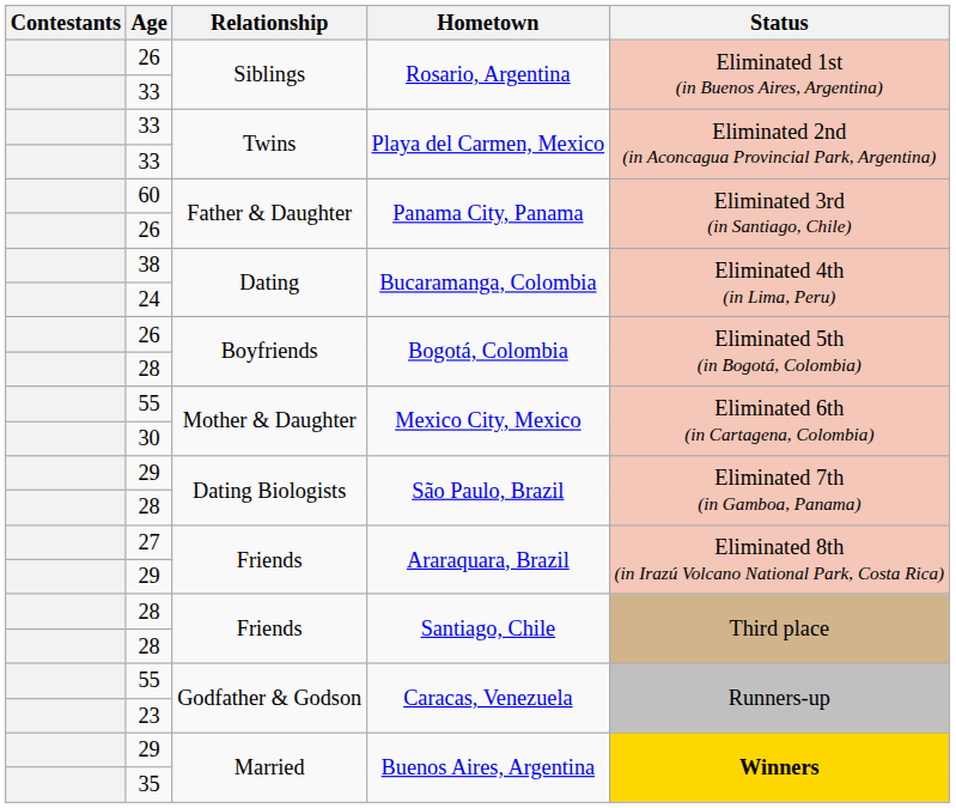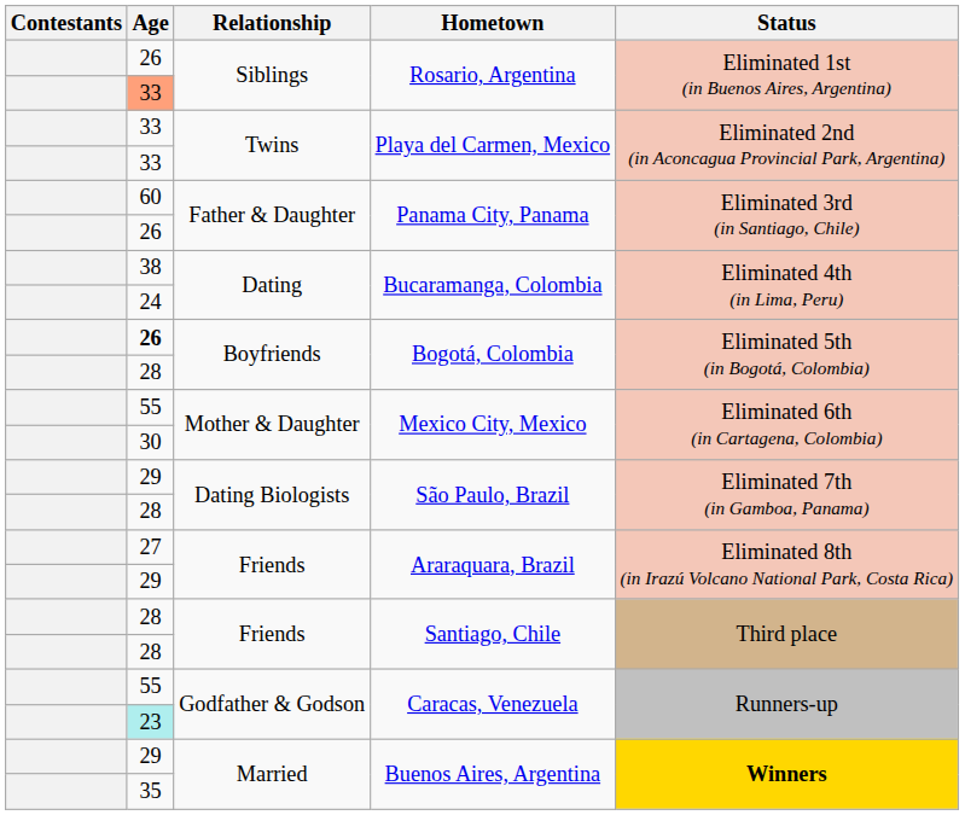 <table class="wikitable sortable" style="text-align:center;">
 <tr>
 <th scope="col">Contestants</th>
 <th scope="col">Age</th>
 <th class="unsortable" scope="col">Relationship</th>
 <th scope="col" class="unsortable">Hometown</th>
 <th scope="col">Status</th>
 </tr>
 <tr>
 <th scope="row"></th>
 <td>26</td>
 <td rowspan="2">Siblings</td>
 <td rowspan="2"><a href='#'>Rosario, Argentina</a></td>
 <td rowspan="2" bgcolor="f4c7b8">Eliminated 1st<br><small><em>(in Buenos Aires, Argentina)</em></small></td>
 </tr>
 <tr>
 <th scope="row"></th>
-<td>33</td>
+<td style="background: lightsalmon;">33</td>
 </tr>
 <tr>
 <th scope="row"></th>
 <td>33</td>
 <td rowspan="2">Twins</td>
 <td rowspan="2"><a href='#'>Playa del Carmen, Mexico</a></td>
 <td rowspan="2" bgcolor="f4c7b8">Eliminated 2nd<br><small><em>(in Aconcagua Provincial Park, Argentina)</em></small></td>
 </tr>
 <tr>
 <th scope="row"></th>
 <td>33</td>
 </tr>
 <tr>
 <th scope="row"></th>
 <td>60</td>
 <td rowspan="2">Father & Daughter</td>
 <td rowspan="2"><a href='#'>Panama City, Panama</a></td>
 <td rowspan="2" bgcolor="f4c7b8">Eliminated 3rd<br><small><em>(in Santiago, Chile)</em></small></td>
 </tr>
 <tr>
 <th scope="row"></th>
 <td>26</td>
 </tr>
 <tr>
 <th scope="row"></th>
 <td>38</td>
 <td rowspan="2">Dating</td>
 <td rowspan="2"><a href='#'>Bucaramanga, Colombia</a></td>
 <td rowspan="2" bgcolor="f4c7b8">Eliminated 4th<br><small><em>(in Lima, Peru)</em></small></td>
 </tr>
 <tr>
 <th scope="row"></th>
 <td>24</td>
 </tr>
 <tr>
 <th scope="row"></th>
-<td>26</td>
+<td><strong>26</strong></td>
 <td rowspan="2">Boyfriends</td>
 <td rowspan="2"><a href='#'>Bogotá, Colombia</a></td>
 <td rowspan="2" bgcolor="f4c7b8">Eliminated 5th<br><small><em>(in Bogotá, Colombia)</em></small></td>
 </tr>
 <tr>
 <th scope="row"></th>
 <td>28</td>
 </tr>
 <tr>
 <th scope="row"></th>
 <td>55</td>
 <td rowspan="2">Mother & Daughter</td>
 <td rowspan="2"><a href='#'>Mexico City, Mexico</a></td>
 <td rowspan="2" bgcolor="f4c7b8">Eliminated 6th<br><small><em>(in Cartagena, Colombia)</em></small></td>
 </tr>
 <tr>
 <th scope="row"></th>
 <td>30</td>
 </tr>
 <tr>
 <th scope="row"></th>
 <td>29</td>
 <td rowspan="2">Dating Biologists</td>
 <td rowspan="2"><a href='#'>São Paulo, Brazil</a></td>
 <td rowspan="2" bgcolor="f4c7b8">Eliminated 7th<br><small><em>(in Gamboa, Panama)</em></small></td>
 </tr>
 <tr>
 <th scope="row"></th>
 <td>28</td>
 </tr>
 <tr>
 <th scope="row"></th>
 <td>27</td>
 <td rowspan="2">Friends</td>
 <td rowspan="2"><a href='#'>Araraquara, Brazil</a></td>
 <td rowspan="2" bgcolor="f4c7b8">Eliminated 8th<br><small><em>(in Irazú Volcano National Park, Costa Rica)</em></small></td>
 </tr>
 <tr>
 <th scope="row"></th>
 <td>29</td>
 </tr>
 <tr>
 <th scope="row"></th>
 <td>28</td>
 <td rowspan="2">Friends</td>
 <td rowspan="2"><a href='#'>Santiago, Chile</a></td>
 <td rowspan="2" bgcolor="tan">Third place</td>
 </tr>
 <tr>
 <th scope="row"></th>
 <td>28</td>
 </tr>
 <tr>
 <th scope="row"></th>
 <td>55</td>
 <td rowspan="2">Godfather & Godson</td>
 <td rowspan="2"><a href='#'>Caracas, Venezuela</a></td>
 <td rowspan="2" bgcolor="silver">Runners-up</td>
 </tr>
 <tr>
 <th scope="row"></th>
-<td>23</td>
+<td style="background: paleturquoise;">23</td>
 </tr>
 <tr>
 <th scope="row"></th>
 <td>29</td>
 <td rowspan="2">Married</td>
 <td rowspan="2"><a href='#'>Buenos Aires, Argentina</a></td>
 <td rowspan="2" bgcolor="gold"><strong>Winners</strong></td>
 </tr>
 <tr>
 <th scope="row"></th>
 <td>35</td>
 </tr>
 </table>
